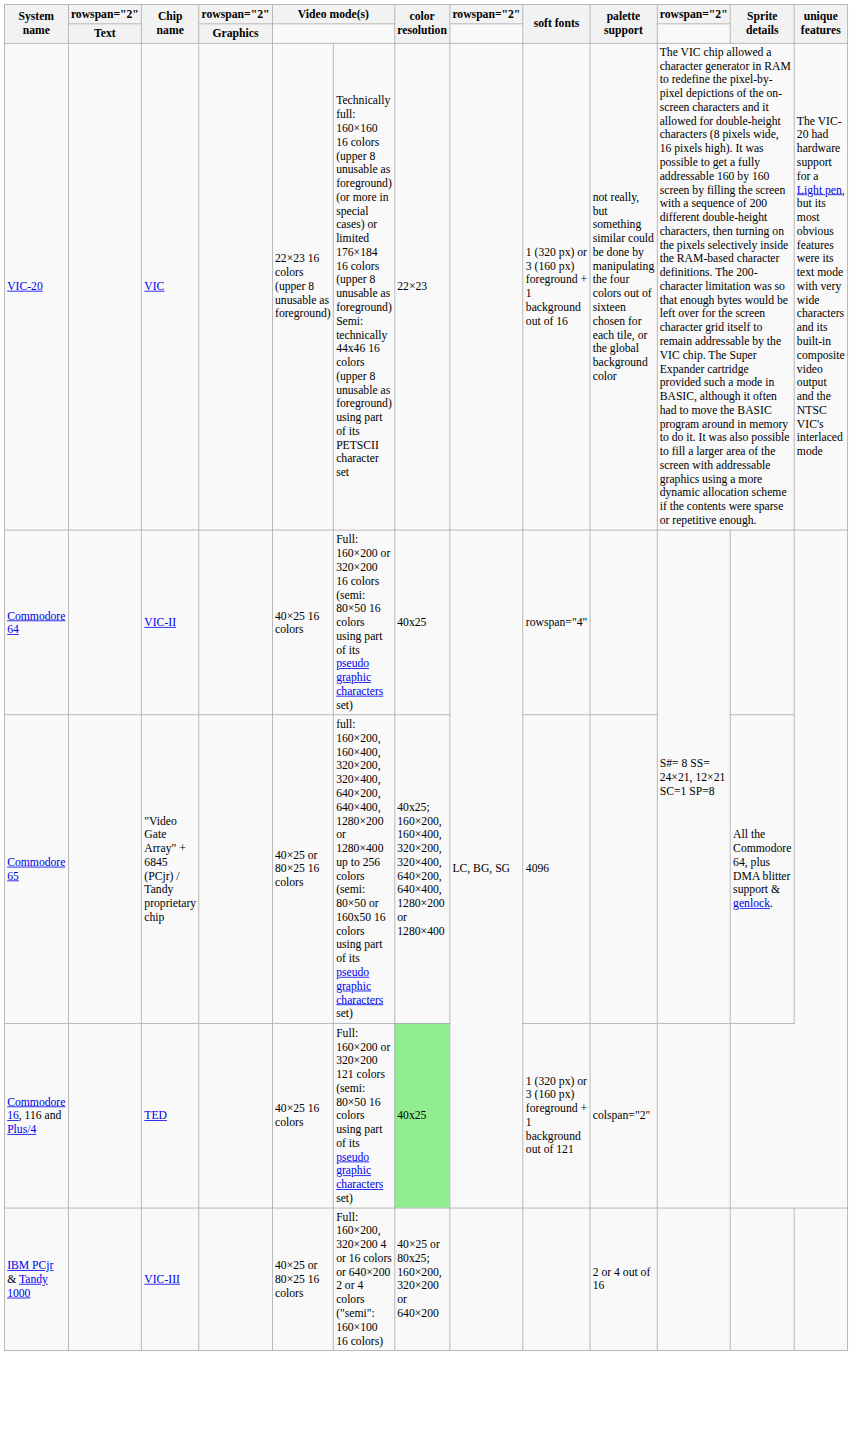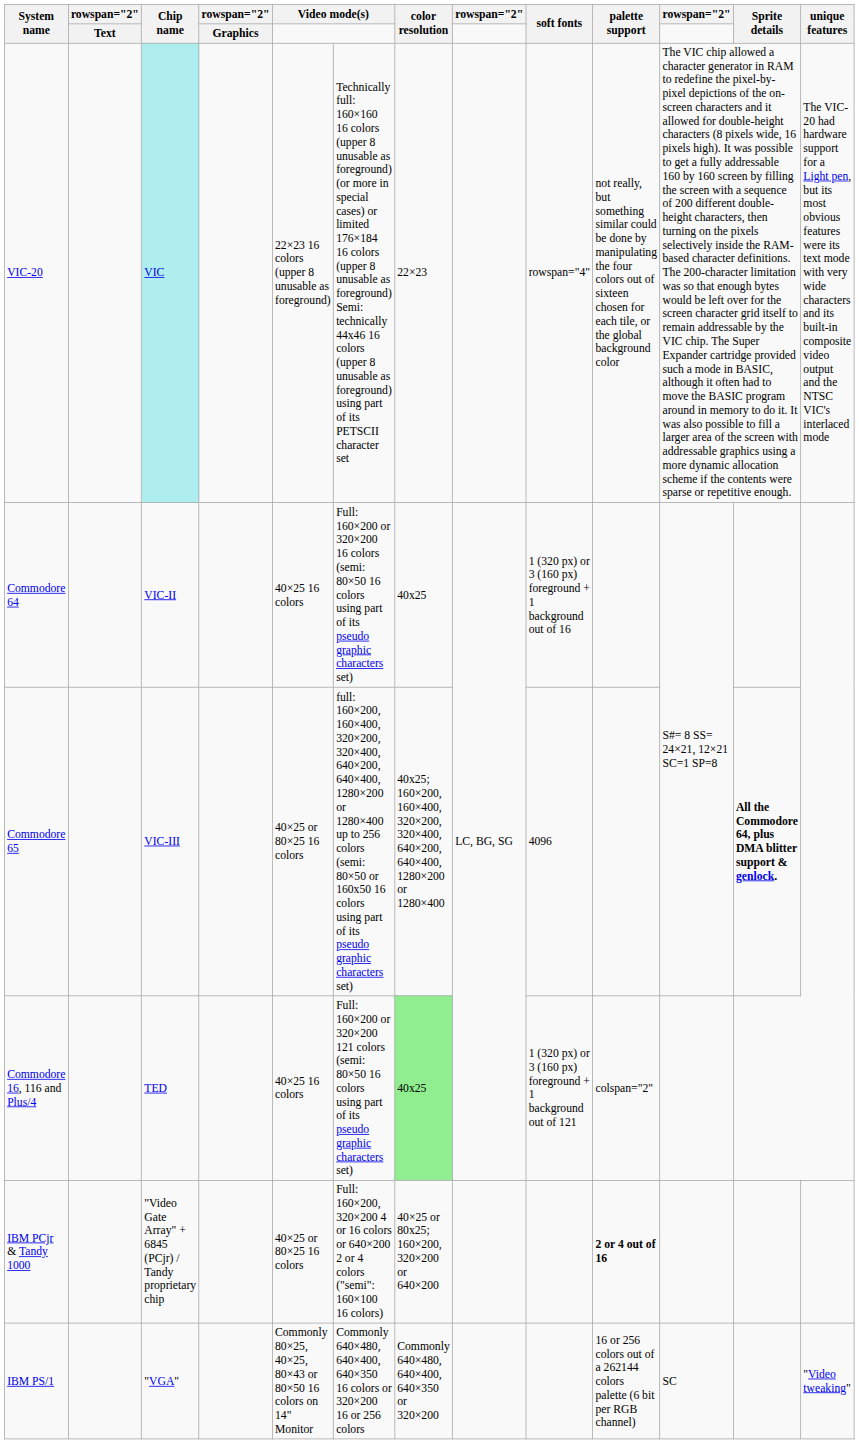 <table class="wikitable" style="font-size: 90%;">
 <tr>
 <th rowspan="2">System name</th>
 <th>rowspan="2" </th>
 <th rowspan="2">Chip name</th>
 <th>rowspan="2" </th>
 <th colspan="2">Video mode(s)</th>
 <th rowspan="2">color resolution</th>
 <th>rowspan="2" </th>
 <th rowspan="2">soft fonts</th>
 <th rowspan="2">palette support</th>
 <th>rowspan="2" </th>
 <th rowspan="2">Sprite details</th>
 <th rowspan="2">unique features</th>
 </tr>
 <tr>
 <th>Text</th>
 <th>Graphics</th>
 </tr>
 <tr>
 <td><a href='#'>VIC-20</a></td>
 <td></td>
-<td><a href='#'>VIC</a></td>
+<td style="background: paleturquoise;"><a href='#'>VIC</a></td>
 <td></td>
 <td>22×23 16 colors (upper 8 unusable as foreground)</td>
 <td>Technically full: 160×160 16 colors (upper 8 unusable as foreground) (or more in special cases) or limited 176×184 16 colors (upper 8 unusable as foreground)<br>Semi: technically 44x46 16 colors (upper 8 unusable as foreground) using part of its PETSCII character set</td>
 <td>22×23</td>
 <td></td>
-<td>1 (320 px) or 3 (160 px) foreground + 1 background out of 16</td>
+<td>rowspan="4" </td>
 <td>not really, but something similar could be done by manipulating the four colors out of sixteen chosen for each tile, or the global background color</td>
 <td colspan="2">The VIC chip allowed a character generator in RAM to redefine the pixel-by-pixel depictions of the on-screen characters and it allowed for double-height characters (8 pixels wide, 16 pixels high). It was possible to get a fully addressable 160 by 160 screen by filling the screen with a sequence of 200 different double-height characters, then turning on the pixels selectively inside the RAM-based character definitions. The 200-character limitation was so that enough bytes would be left over for the screen character grid itself to remain addressable by the VIC chip. The Super Expander cartridge provided such a mode in BASIC, although it often had to move the BASIC program around in memory to do it. It was also possible to fill a larger area of the screen with addressable graphics using a more dynamic allocation scheme if the contents were sparse or repetitive enough.</td>
 <td>The VIC-20 had hardware support for a <a href='#'>Light pen</a>, but its most obvious features were its text mode with very wide characters and its built-in composite video output and the NTSC VIC's interlaced mode</td>
 </tr>
 <tr>
 <td><a href='#'>Commodore 64</a></td>
 <td></td>
 <td><a href='#'>VIC-II</a></td>
 <td></td>
 <td>40×25 16 colors</td>
 <td>Full: 160×200 or 320×200 16 colors<br>(semi: 80×50 16 colors using part of its <a href='#'>pseudo graphic characters</a> set)</td>
 <td>40x25</td>
 <td rowspan="3">LC, BG, SG</td>
-<td>rowspan="4" </td>
+<td>1 (320 px) or 3 (160 px) foreground + 1 background out of 16</td>
 <td></td>
 <td rowspan="2">S#= 8 SS= 24×21, 12×21 SC=1 SP=8</td>
 <td></td>
 </tr>
 <tr>
 <td><a href='#'>Commodore 65</a></td>
 <td></td>
-<td>"Video Gate Array" + 6845 (PCjr) / Tandy proprietary chip</td>
+<td><a href='#'>VIC-III</a></td>
 <td></td>
 <td>40×25 or 80×25 16 colors</td>
 <td>full: 160×200, 160×400, 320×200, 320×400, 640×200, 640×400, 1280×200 or 1280×400 up to 256 colors<br>(semi: 80×50 or 160x50 16 colors using part of its <a href='#'>pseudo graphic characters</a> set)</td>
 <td>40x25; 160×200, 160×400, 320×200, 320×400, 640×200, 640×400, 1280×200 or 1280×400</td>
 <td>4096</td>
 <td></td>
-<td>All the Commodore 64, plus DMA blitter support & <a href='#'>genlock</a>.</td>
+<td><strong>All the Commodore 64, plus DMA blitter support & <a href='#'>genlock</a>.</strong></td>
 </tr>
 <tr>
 <td><a href='#'>Commodore 16</a>, 116 and <a href='#'>Plus/4</a></td>
 <td></td>
 <td><a href='#'>TED</a></td>
 <td></td>
 <td>40×25 16 colors</td>
 <td>Full: 160×200 or 320×200 121 colors<br>(semi: 80×50 16 colors using part of its <a href='#'>pseudo graphic characters</a> set)</td>
 <td style="background: lightgreen;">40x25</td>
 <td>1 (320 px) or 3 (160 px) foreground + 1 background out of 121</td>
 <td>colspan="2" </td>
 <td></td>
 </tr>
 <tr>
 <td><a href='#'>IBM PCjr</a> & <a href='#'>Tandy 1000</a></td>
 <td></td>
-<td><a href='#'>VIC-III</a></td>
+<td>"Video Gate Array" + 6845 (PCjr) / Tandy proprietary chip</td>
 <td></td>
 <td>40×25 or 80×25 16 colors</td>
 <td>Full: 160×200, 320×200 4 or 16 colors or 640×200 2 or 4 colors<br>("semi": 160×100 16 colors)</td>
 <td>40×25 or 80x25; 160×200, 320×200 or 640×200</td>
 <td></td>
 <td></td>
-<td>2 or 4 out of 16</td>
+<td><strong>2 or 4 out of 16</strong></td>
 <td></td>
 <td></td>
 <td></td>
 </tr>
+<tr>
+<td><a href='#'>IBM PS/1</a></td>
+<td></td>
+<td>"<a href='#'>VGA</a>"</td>
+<td></td>
+<td>Commonly<br>80×25, 40×25, 80×43 or 80×50 16 colors on 14" Monitor</td>
+<td>Commonly 640×480, 640×400, 640×350 16 colors or 320×200 16 or 256 colors</td>
+<td>Commonly<br>640×480, 640×400, 640×350 or 320×200</td>
+<td></td>
+<td></td>
+<td>16 or 256 colors out of a 262144 colors palette (6 bit per RGB channel)</td>
+<td>SC</td>
+<td></td>
+<td>"<a href='#'>Video tweaking</a>"</td>
+</tr>
 </table>
